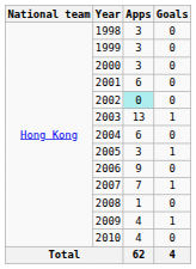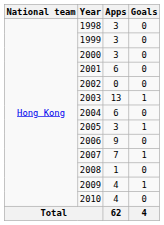 <table class="wikitable" style="text-align:center">
 <tr>
 <th>National team</th>
 <th>Year</th>
 <th>Apps</th>
 <th>Goals</th>
 </tr>
 <tr>
 <td rowspan="13"><a href='#'>Hong Kong</a></td>
 <td>1998</td>
 <td>3</td>
 <td>0</td>
 </tr>
 <tr>
 <td>1999</td>
 <td>3</td>
 <td>0</td>
 </tr>
 <tr>
 <td>2000</td>
 <td>3</td>
 <td>0</td>
 </tr>
 <tr>
 <td>2001</td>
 <td>6</td>
 <td>0</td>
 </tr>
 <tr>
 <td>2002</td>
-<td style="background: paleturquoise;">0</td>
+<td>0</td>
 <td>0</td>
 </tr>
 <tr>
 <td>2003</td>
 <td>13</td>
 <td>1</td>
 </tr>
 <tr>
 <td>2004</td>
 <td>6</td>
 <td>0</td>
 </tr>
 <tr>
 <td>2005</td>
 <td>3</td>
 <td>1</td>
 </tr>
 <tr>
 <td>2006</td>
 <td>9</td>
 <td>0</td>
 </tr>
 <tr>
 <td>2007</td>
 <td>7</td>
 <td>1</td>
 </tr>
 <tr>
 <td>2008</td>
 <td>1</td>
 <td>0</td>
 </tr>
 <tr>
 <td>2009</td>
 <td>4</td>
 <td>1</td>
 </tr>
 <tr>
 <td>2010</td>
 <td>4</td>
 <td>0</td>
 </tr>
 <tr>
 <th colspan=2>Total</th>
 <th>62</th>
 <th>4</th>
 </tr>
 </table>
